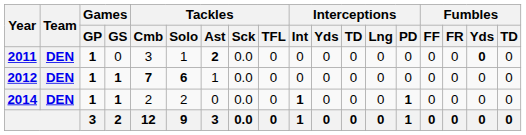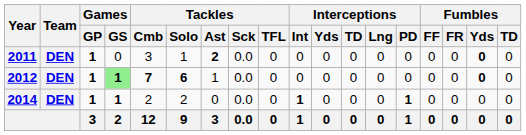 <table class="wikitable" style="text-align:center">
 <tr>
 <th rowspan="2">Year</th>
 <th rowspan="2">Team</th>
 <th colspan="2">Games</th>
 <th colspan="5">Tackles</th>
 <th colspan="5">Interceptions</th>
 <th colspan="4">Fumbles</th>
 </tr>
 <tr>
 <th>GP</th>
 <th>GS</th>
 <th>Cmb</th>
 <th>Solo</th>
 <th>Ast</th>
 <th>Sck</th>
 <th>TFL</th>
 <th>Int</th>
 <th>Yds</th>
 <th>TD</th>
 <th>Lng</th>
 <th>PD</th>
 <th>FF</th>
 <th>FR</th>
 <th>Yds</th>
 <th>TD</th>
 </tr>
 <tr>
 <th><a href='#'>2011</a></th>
 <th><a href='#'>DEN</a></th>
 <td><strong>1</strong></td>
 <td>0</td>
 <td>3</td>
 <td>1</td>
 <td><strong>2</strong></td>
 <td>0.0</td>
 <td>0</td>
 <td>0</td>
 <td>0</td>
 <td>0</td>
 <td>0</td>
 <td>0</td>
 <td>0</td>
 <td>0</td>
 <td><strong>0</strong></td>
 <td>0</td>
 </tr>
 <tr>
 <th><a href='#'>2012</a></th>
 <th><a href='#'>DEN</a></th>
 <td><strong>1</strong></td>
-<td><strong>1</strong></td>
+<td style="background: lightgreen;"><strong>1</strong></td>
 <td><strong>7</strong></td>
 <td><strong>6</strong></td>
 <td>1</td>
 <td>0.0</td>
 <td>0</td>
 <td>0</td>
 <td>0</td>
 <td>0</td>
 <td>0</td>
 <td>0</td>
 <td>0</td>
 <td>0</td>
-<td>0</td>
+<td><strong>0</strong></td>
 <td>0</td>
 </tr>
 <tr>
 <th><a href='#'>2014</a></th>
 <th><a href='#'>DEN</a></th>
 <td><strong>1</strong></td>
 <td><strong>1</strong></td>
 <td>2</td>
 <td>2</td>
 <td>0</td>
 <td>0.0</td>
 <td>0</td>
 <td><strong>1</strong></td>
 <td>0</td>
 <td>0</td>
 <td>0</td>
 <td><strong>1</strong></td>
 <td>0</td>
 <td>0</td>
 <td>0</td>
 <td>0</td>
 </tr>
 <tr>
 <th colspan="2"></th>
 <th>3</th>
 <th>2</th>
 <th>12</th>
 <th>9</th>
 <th>3</th>
 <th>0.0</th>
 <th>0</th>
 <th>1</th>
 <th>0</th>
 <th>0</th>
 <th>0</th>
 <th>1</th>
 <th>0</th>
 <th>0</th>
 <th>0</th>
 <th>0</th>
 </tr>
 </table>
